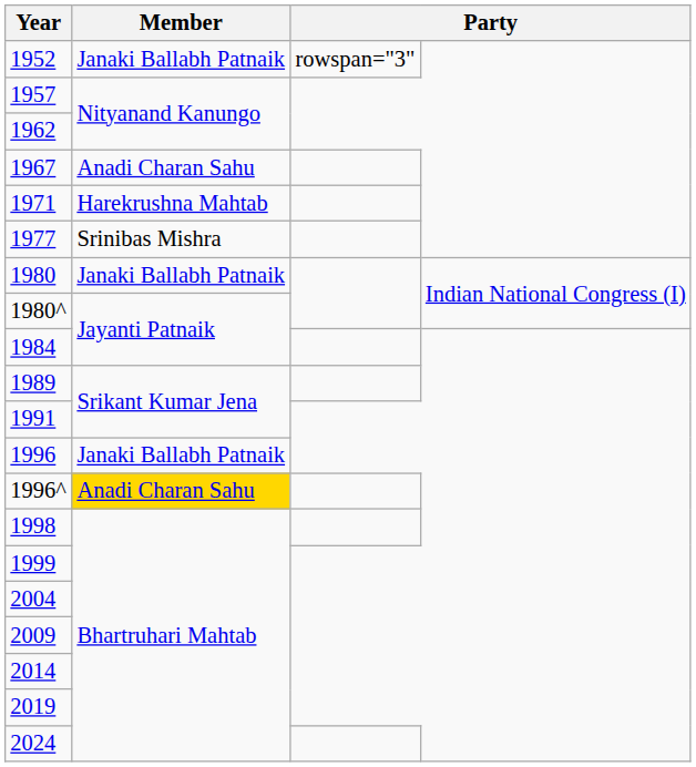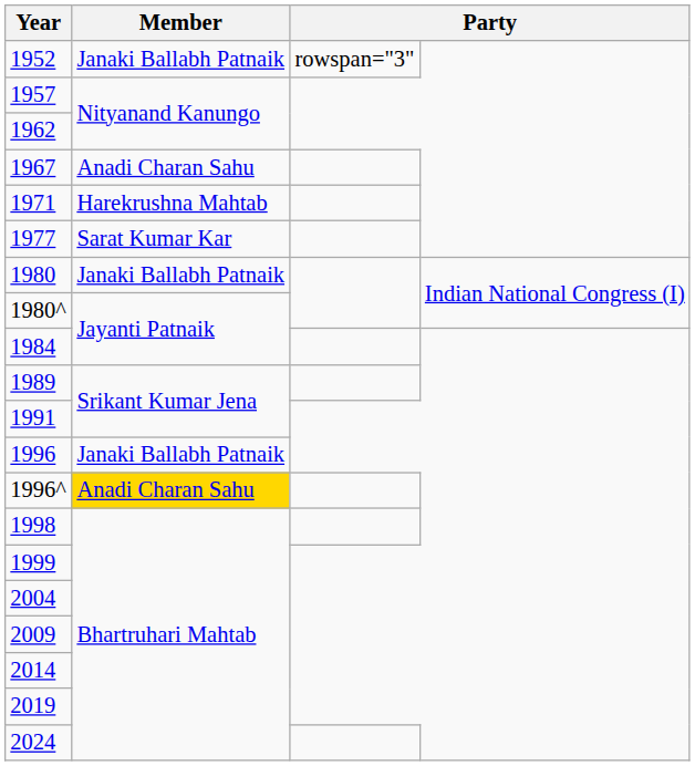 <table class="wikitable">
 <tr>
 <th>Year</th>
 <th>Member</th>
 <th colspan="2">Party</th>
 </tr>
 <tr>
 <td><a href='#'>1952</a></td>
 <td><a href='#'>Janaki Ballabh Patnaik</a></td>
 <td>rowspan="3" </td>
 </tr>
 <tr>
 <td><a href='#'>1957</a></td>
 <td rowspan="2"><a href='#'>Nityanand Kanungo</a></td>
 </tr>
 <tr>
 <td><a href='#'>1962</a></td>
 </tr>
 <tr>
 <td><a href='#'>1967</a></td>
 <td><a href='#'>Anadi Charan Sahu</a></td>
 <td></td>
 </tr>
 <tr>
 <td><a href='#'>1971</a></td>
 <td><a href='#'>Harekrushna Mahtab</a></td>
 <td></td>
 </tr>
 <tr>
 <td><a href='#'>1977</a></td>
-<td>Srinibas Mishra</td>
+<td><a href='#'>Sarat Kumar Kar</a></td>
 <td></td>
 </tr>
 <tr>
 <td><a href='#'>1980</a></td>
 <td><a href='#'>Janaki Ballabh Patnaik</a></td>
 <td rowspan="2" style="background-color: "></td>
 <td rowspan="2"><a href='#'>Indian National Congress (I)</a></td>
 </tr>
 <tr>
 <td>1980^</td>
 <td rowspan="2"><a href='#'>Jayanti Patnaik</a></td>
 </tr>
 <tr>
 <td><a href='#'>1984</a></td>
 <td></td>
 </tr>
 <tr>
 <td><a href='#'>1989</a></td>
 <td rowspan="2"><a href='#'>Srikant Kumar Jena</a></td>
 <td></td>
 </tr>
 <tr>
 <td><a href='#'>1991</a></td>
 </tr>
 <tr>
 <td><a href='#'>1996</a></td>
 <td><a href='#'>Janaki Ballabh Patnaik</a></td>
 </tr>
 <tr>
 <td>1996^</td>
 <td style="background: gold;"><a href='#'>Anadi Charan Sahu</a></td>
 <td></td>
 </tr>
 <tr>
 <td><a href='#'>1998</a></td>
 <td rowspan="7"><a href='#'>Bhartruhari Mahtab</a></td>
 <td></td>
 </tr>
 <tr>
 <td><a href='#'>1999</a></td>
 </tr>
 <tr>
 <td><a href='#'>2004</a></td>
 </tr>
 <tr>
 <td><a href='#'>2009</a></td>
 </tr>
 <tr>
 <td><a href='#'>2014</a></td>
 </tr>
 <tr>
 <td><a href='#'>2019</a></td>
 </tr>
 <tr>
 <td><a href='#'>2024</a></td>
 <td></td>
 </tr>
 </table>
